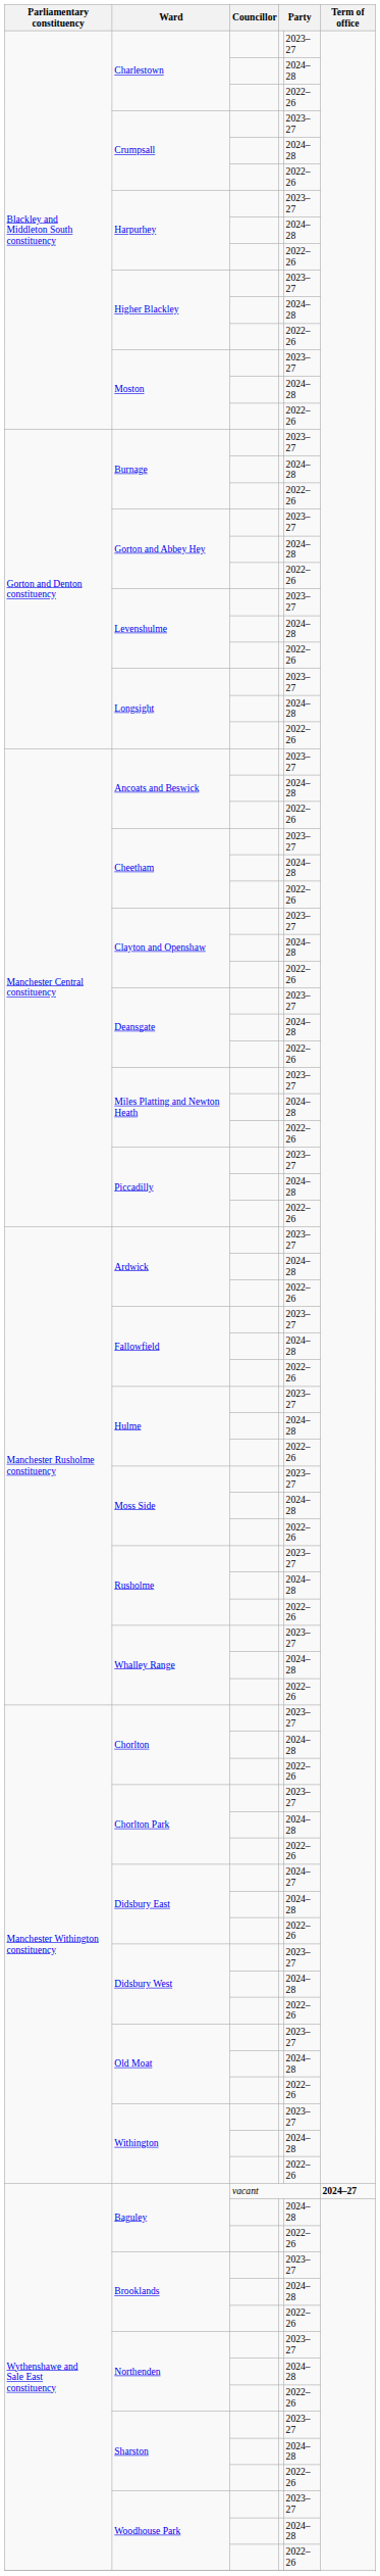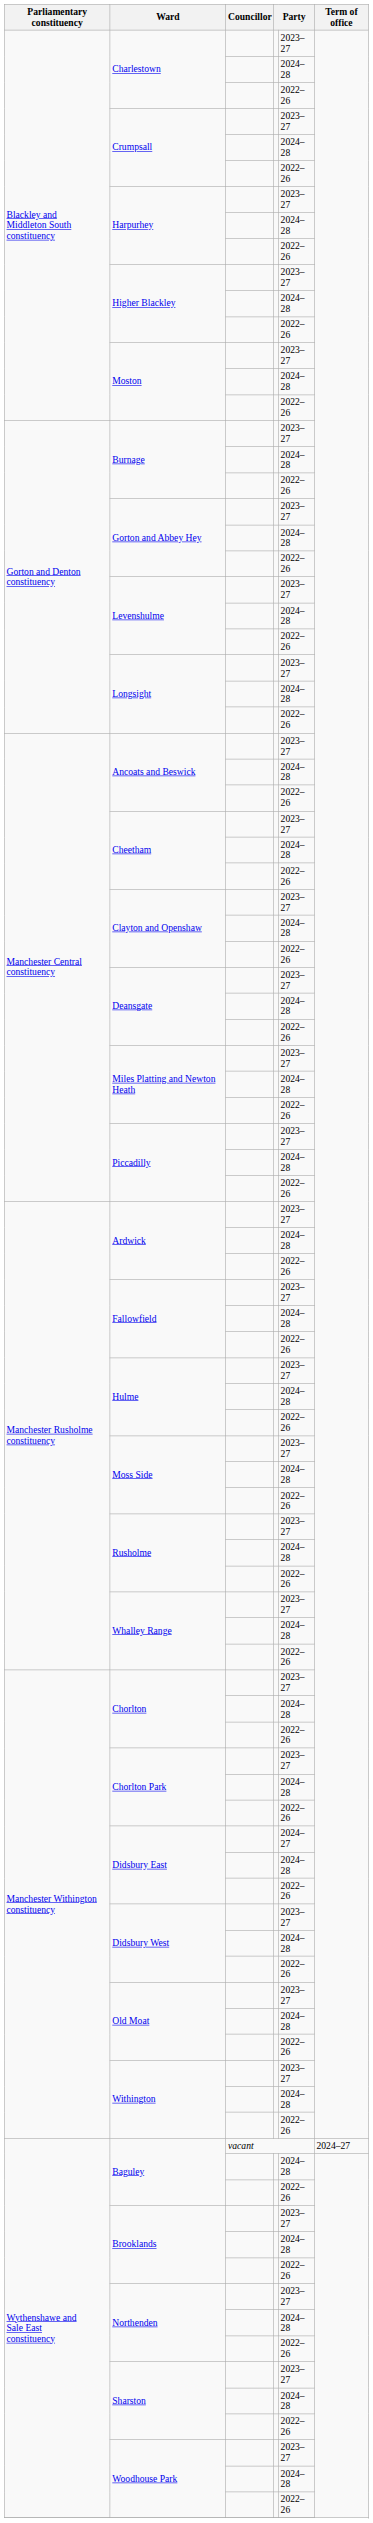 <table class="wikitable sortable">
 <tr>
 <th>Parliamentary constituency</th>
 <th>Ward</th>
 <th>Councillor</th>
 <th colspan=2>Party</th>
 <th>Term of office</th>
 </tr>
 <tr>
 <td rowspan=15><a href='#'>Blackley and<br>Middleton South<br>constituency</a></td>
 <td rowspan="3"><a href='#'>Charlestown</a></td>
 <td></td>
 <td></td>
 <td>2023–27</td>
 </tr>
 <tr>
 <td></td>
 <td></td>
 <td>2024–28</td>
 </tr>
 <tr>
 <td></td>
 <td></td>
 <td>2022–26</td>
 </tr>
 <tr>
 <td rowspan="3"><a href='#'>Crumpsall</a></td>
 <td></td>
 <td></td>
 <td>2023–27</td>
 </tr>
 <tr>
 <td></td>
 <td></td>
 <td>2024–28</td>
 </tr>
 <tr>
 <td></td>
 <td></td>
 <td>2022–26</td>
 </tr>
 <tr>
 <td rowspan="3"><a href='#'>Harpurhey</a></td>
 <td></td>
 <td></td>
 <td>2023–27</td>
 </tr>
 <tr>
 <td></td>
 <td></td>
 <td>2024–28</td>
 </tr>
 <tr>
 <td></td>
 <td></td>
 <td>2022–26</td>
 </tr>
 <tr>
 <td rowspan="3"><a href='#'>Higher Blackley</a></td>
 <td></td>
 <td></td>
 <td>2023–27</td>
 </tr>
 <tr>
 <td></td>
 <td></td>
 <td>2024–28</td>
 </tr>
 <tr>
 <td></td>
 <td></td>
 <td>2022–26</td>
 </tr>
 <tr>
 <td rowspan="3"><a href='#'>Moston</a></td>
 <td></td>
 <td></td>
 <td>2023–27</td>
 </tr>
 <tr>
 <td></td>
 <td></td>
 <td>2024–28</td>
 </tr>
 <tr>
 <td></td>
 <td></td>
 <td>2022–26</td>
 </tr>
 <tr>
 <td rowspan=12><a href='#'>Gorton and Denton<br>constituency</a></td>
 <td rowspan="3"><a href='#'>Burnage</a></td>
 <td></td>
 <td></td>
 <td>2023–27</td>
 </tr>
 <tr>
 <td></td>
 <td></td>
 <td>2024–28</td>
 </tr>
 <tr>
 <td></td>
 <td></td>
 <td>2022–26</td>
 </tr>
 <tr>
 <td rowspan=3><a href='#'>Gorton and Abbey Hey</a></td>
 <td></td>
 <td></td>
 <td>2023–27</td>
 </tr>
 <tr>
 <td></td>
 <td></td>
 <td>2024–28</td>
 </tr>
 <tr>
 <td></td>
 <td></td>
 <td>2022–26</td>
 </tr>
 <tr>
 <td rowspan="3"><a href='#'>Levenshulme</a></td>
 <td></td>
 <td></td>
 <td>2023–27</td>
 </tr>
 <tr>
 <td></td>
 <td></td>
 <td>2024–28</td>
 </tr>
 <tr>
 <td></td>
 <td></td>
 <td>2022–26</td>
 </tr>
 <tr>
 <td rowspan="3"><a href='#'>Longsight</a></td>
 <td></td>
 <td></td>
 <td>2023–27</td>
 </tr>
 <tr>
 <td></td>
 <td></td>
 <td>2024–28</td>
 </tr>
 <tr>
 <td></td>
 <td></td>
 <td>2022–26</td>
 </tr>
 <tr>
 <td rowspan=18><a href='#'>Manchester Central<br>constituency</a></td>
 <td rowspan="3"><a href='#'>Ancoats and Beswick</a></td>
 <td></td>
 <td></td>
 <td>2023–27</td>
 </tr>
 <tr>
 <td></td>
 <td></td>
 <td>2024–28</td>
 </tr>
 <tr>
 <td></td>
 <td></td>
 <td>2022–26</td>
 </tr>
 <tr>
 <td rowspan="3"><a href='#'>Cheetham</a></td>
 <td></td>
 <td></td>
 <td>2023–27</td>
 </tr>
 <tr>
 <td></td>
 <td></td>
 <td>2024–28</td>
 </tr>
 <tr>
 <td></td>
 <td></td>
 <td>2022–26</td>
 </tr>
 <tr>
 <td rowspan="3"><a href='#'>Clayton and Openshaw</a></td>
 <td></td>
 <td></td>
 <td>2023–27</td>
 </tr>
 <tr>
 <td></td>
 <td></td>
 <td>2024–28</td>
 </tr>
 <tr>
 <td></td>
 <td></td>
 <td>2022–26</td>
 </tr>
 <tr>
 <td rowspan="3"><a href='#'>Deansgate</a></td>
 <td></td>
 <td></td>
 <td>2023–27</td>
 </tr>
 <tr>
 <td></td>
 <td></td>
 <td>2024–28</td>
 </tr>
 <tr>
 <td></td>
 <td></td>
 <td>2022–26</td>
 </tr>
 <tr>
 <td rowspan="3"><a href='#'>Miles Platting and Newton Heath</a></td>
 <td></td>
 <td></td>
 <td>2023–27</td>
 </tr>
 <tr>
 <td></td>
 <td></td>
 <td>2024–28</td>
 </tr>
 <tr>
 <td></td>
 <td></td>
 <td>2022–26</td>
 </tr>
 <tr>
 <td rowspan="3"><a href='#'>Piccadilly</a></td>
 <td></td>
 <td></td>
 <td>2023–27</td>
 </tr>
 <tr>
 <td></td>
 <td></td>
 <td>2024–28</td>
 </tr>
 <tr>
 <td></td>
 <td></td>
 <td>2022–26</td>
 </tr>
 <tr>
 <td rowspan=18><a href='#'>Manchester Rusholme<br>constituency</a></td>
 <td rowspan="3"><a href='#'>Ardwick</a></td>
 <td></td>
 <td></td>
 <td>2023–27</td>
 </tr>
 <tr>
 <td></td>
 <td></td>
 <td>2024–28</td>
 </tr>
 <tr>
 <td></td>
 <td></td>
 <td>2022–26</td>
 </tr>
 <tr>
 <td rowspan="3"><a href='#'>Fallowfield</a></td>
 <td></td>
 <td></td>
 <td>2023–27</td>
 </tr>
 <tr>
 <td></td>
 <td></td>
 <td>2024–28</td>
 </tr>
 <tr>
 <td></td>
 <td></td>
 <td>2022–26</td>
 </tr>
 <tr>
 <td rowspan="3"><a href='#'>Hulme</a></td>
 <td></td>
 <td></td>
 <td>2023–27</td>
 </tr>
 <tr>
 <td></td>
 <td></td>
 <td>2024–28</td>
 </tr>
 <tr>
 <td></td>
 <td></td>
 <td>2022–26</td>
 </tr>
 <tr>
 <td rowspan="3"><a href='#'>Moss Side</a></td>
 <td></td>
 <td></td>
 <td>2023–27</td>
 </tr>
 <tr>
 <td></td>
 <td></td>
 <td>2024–28</td>
 </tr>
 <tr>
 <td></td>
 <td></td>
 <td>2022–26</td>
 </tr>
 <tr>
 <td rowspan="3"><a href='#'>Rusholme</a></td>
 <td></td>
 <td></td>
 <td>2023–27</td>
 </tr>
 <tr>
 <td></td>
 <td></td>
 <td>2024–28</td>
 </tr>
 <tr>
 <td></td>
 <td></td>
 <td>2022–26</td>
 </tr>
 <tr>
 <td rowspan="3"><a href='#'>Whalley Range</a></td>
 <td></td>
 <td></td>
 <td>2023–27</td>
 </tr>
 <tr>
 <td></td>
 <td></td>
 <td>2024–28</td>
 </tr>
 <tr>
 <td></td>
 <td></td>
 <td>2022–26</td>
 </tr>
 <tr>
 <td rowspan=18><a href='#'>Manchester Withington<br>constituency</a></td>
 <td rowspan="3"><a href='#'>Chorlton</a></td>
 <td></td>
 <td></td>
 <td>2023–27</td>
 </tr>
 <tr>
 <td></td>
 <td></td>
 <td>2024–28</td>
 </tr>
 <tr>
 <td></td>
 <td></td>
 <td>2022–26</td>
 </tr>
 <tr>
 <td rowspan="3"><a href='#'>Chorlton Park</a></td>
 <td></td>
 <td></td>
 <td>2023–27</td>
 </tr>
 <tr>
 <td></td>
 <td></td>
 <td>2024–28</td>
 </tr>
 <tr>
 <td></td>
 <td></td>
 <td>2022–26</td>
 </tr>
 <tr>
 <td rowspan="3"><a href='#'>Didsbury East</a></td>
 <td></td>
 <td></td>
 <td>2024–27</td>
 </tr>
 <tr>
 <td></td>
 <td></td>
 <td>2024–28</td>
 </tr>
 <tr>
 <td></td>
 <td></td>
 <td>2022–26</td>
 </tr>
 <tr>
 <td rowspan="3"><a href='#'>Didsbury West</a></td>
 <td></td>
 <td></td>
 <td>2023–27</td>
 </tr>
 <tr>
 <td></td>
 <td></td>
 <td>2024–28</td>
 </tr>
 <tr>
 <td></td>
 <td></td>
 <td>2022–26</td>
 </tr>
 <tr>
 <td rowspan="3"><a href='#'>Old Moat</a></td>
 <td></td>
 <td></td>
 <td>2023–27</td>
 </tr>
 <tr>
 <td></td>
 <td></td>
 <td>2024–28</td>
 </tr>
 <tr>
 <td></td>
 <td></td>
 <td>2022–26</td>
 </tr>
 <tr>
 <td rowspan="3"><a href='#'>Withington</a></td>
 <td></td>
 <td></td>
 <td>2023–27</td>
 </tr>
 <tr>
 <td></td>
 <td></td>
 <td>2024–28</td>
 </tr>
 <tr>
 <td></td>
 <td></td>
 <td>2022–26</td>
 </tr>
 <tr>
 <td rowspan=15><a href='#'>Wythenshawe and<br>Sale East<br>constituency</a></td>
 <td rowspan="3"><a href='#'>Baguley</a><br></td>
 <td colspan=3><em>vacant</em></td>
-<td><strong>2024–27</strong></td>
+<td>2024–27</td>
 </tr>
 <tr>
 <td></td>
 <td></td>
 <td>2024–28</td>
 </tr>
 <tr>
 <td></td>
 <td></td>
 <td>2022–26</td>
 </tr>
 <tr>
 <td rowspan="3"><a href='#'>Brooklands</a></td>
 <td></td>
 <td></td>
 <td>2023–27</td>
 </tr>
 <tr>
 <td></td>
 <td></td>
 <td>2024–28</td>
 </tr>
 <tr>
 <td></td>
 <td></td>
 <td>2022–26</td>
 </tr>
 <tr>
 <td rowspan="3"><a href='#'>Northenden</a></td>
 <td></td>
 <td></td>
 <td>2023–27</td>
 </tr>
 <tr>
 <td></td>
 <td></td>
 <td>2024–28</td>
 </tr>
 <tr>
 <td></td>
 <td></td>
 <td>2022–26</td>
 </tr>
 <tr>
 <td rowspan="3"><a href='#'>Sharston</a></td>
 <td></td>
 <td></td>
 <td>2023–27</td>
 </tr>
 <tr>
 <td></td>
 <td></td>
 <td>2024–28</td>
 </tr>
 <tr>
 <td></td>
 <td></td>
 <td>2022–26</td>
 </tr>
 <tr>
 <td rowspan="3"><a href='#'>Woodhouse Park</a></td>
 <td></td>
 <td></td>
 <td>2023–27</td>
 </tr>
 <tr>
 <td></td>
 <td></td>
 <td>2024–28</td>
 </tr>
 <tr>
 <td></td>
 <td></td>
 <td>2022–26</td>
 </tr>
 <tr>
 </tr>
 </table>
